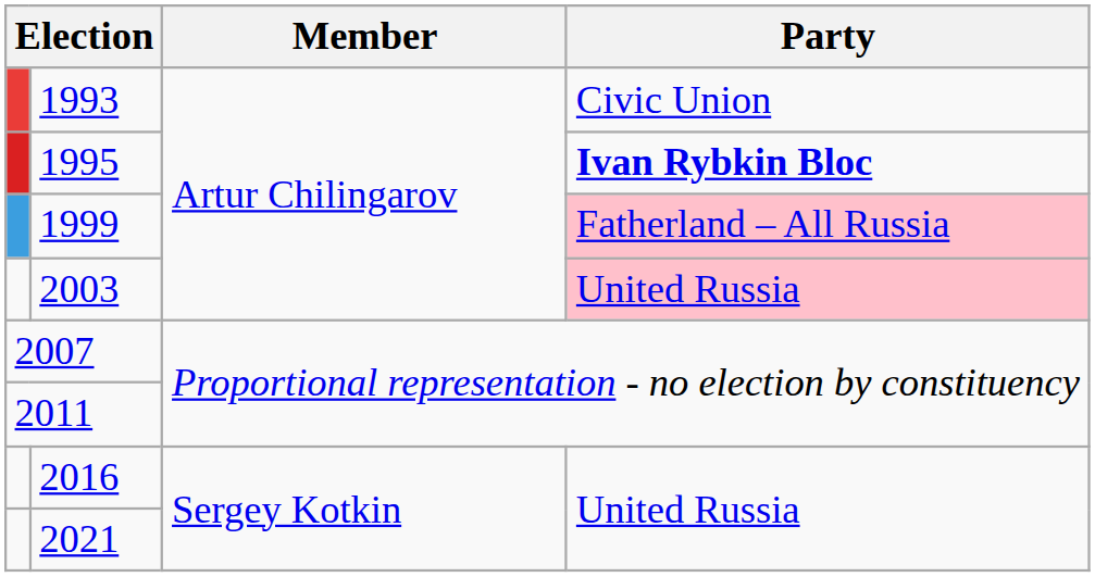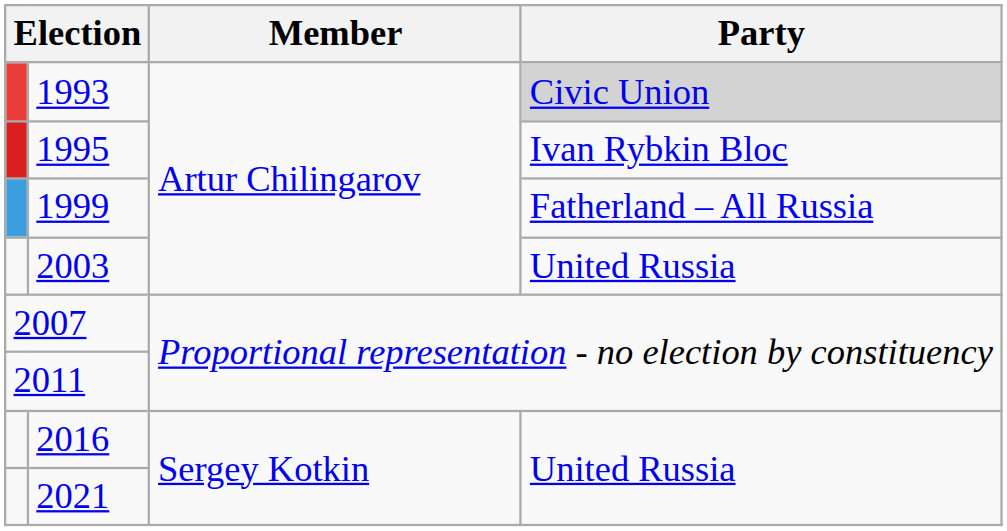 <table class="wikitable">
 <tr>
 <th colspan="2">Election</th>
 <th>Member</th>
 <th>Party</th>
 </tr>
 <tr>
 <td style="background-color:#EA3C38"></td>
 <td><a href='#'>1993</a></td>
 <td rowspan=4><a href='#'>Artur Chilingarov</a></td>
-<td><a href='#'>Civic Union</a></td>
+<td style="background: lightgrey;"><a href='#'>Civic Union</a></td>
 </tr>
 <tr>
 <td style="background-color:#DA2021"></td>
 <td><a href='#'>1995</a></td>
-<td><strong><a href='#'>Ivan Rybkin Bloc</a></strong></td>
+<td><a href='#'>Ivan Rybkin Bloc</a></td>
 </tr>
 <tr>
 <td style="background-color:#3B9EDF"></td>
 <td><a href='#'>1999</a></td>
-<td style="background: pink;"><a href='#'>Fatherland – All Russia</a></td>
+<td><a href='#'>Fatherland – All Russia</a></td>
 </tr>
 <tr>
 <td style="background-color:"></td>
 <td><a href='#'>2003</a></td>
-<td style="background: pink;"><a href='#'>United Russia</a></td>
+<td><a href='#'>United Russia</a></td>
 </tr>
 <tr>
 <td colspan=2><a href='#'>2007</a></td>
 <td colspan=2 rowspan=2><em><a href='#'>Proportional representation</a> - no election by constituency</em></td>
 </tr>
 <tr>
 <td colspan=2><a href='#'>2011</a></td>
 </tr>
 <tr>
 <td style="background-color:"></td>
 <td><a href='#'>2016</a></td>
 <td rowspan=2><a href='#'>Sergey Kotkin</a></td>
 <td rowspan=2><a href='#'>United Russia</a></td>
 </tr>
 <tr>
 <td style="background-color:"></td>
 <td><a href='#'>2021</a></td>
 </tr>
 </table>
